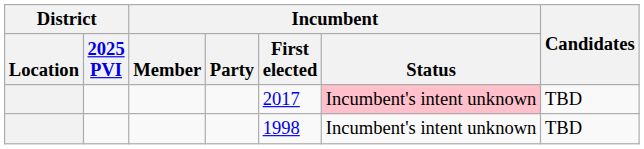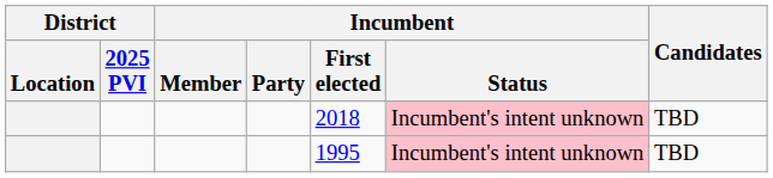 <table class="wikitable sortable">
 <tr>
 <th colspan=2>District</th>
 <th colspan=4>Incumbent</th>
 <th rowspan=2 class="unsortable">Candidates</th>
 </tr>
 <tr valign=bottom>
 <th>Location</th>
 <th><a href='#'>2025<br>PVI</a></th>
 <th>Member</th>
 <th>Party</th>
 <th>First<br>elected</th>
 <th>Status</th>
 </tr>
 <tr>
 <th></th>
 <td></td>
 <td></td>
 <td></td>
-<td><a href='#'>2017</a></td>
+<td><a href='#'>2018</a></td>
 <td style="background: pink;">Incumbent's intent unknown</td>
 <td>TBD</td>
 </tr>
 <tr>
 <th></th>
 <td></td>
 <td></td>
 <td></td>
-<td><a href='#'>1998</a></td>
-<td>Incumbent's intent unknown</td>
+<td><a href='#'>1995</a></td>
+<td style="background: pink;">Incumbent's intent unknown</td>
 <td>TBD</td>
 </tr>
 </table>
